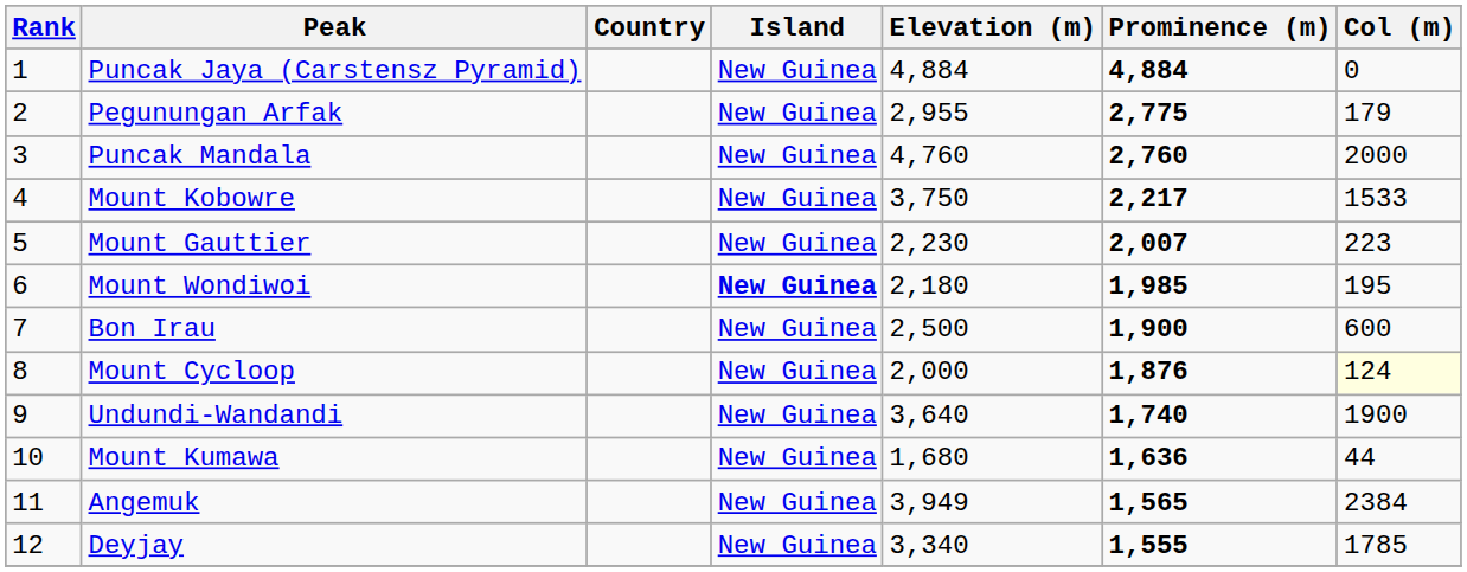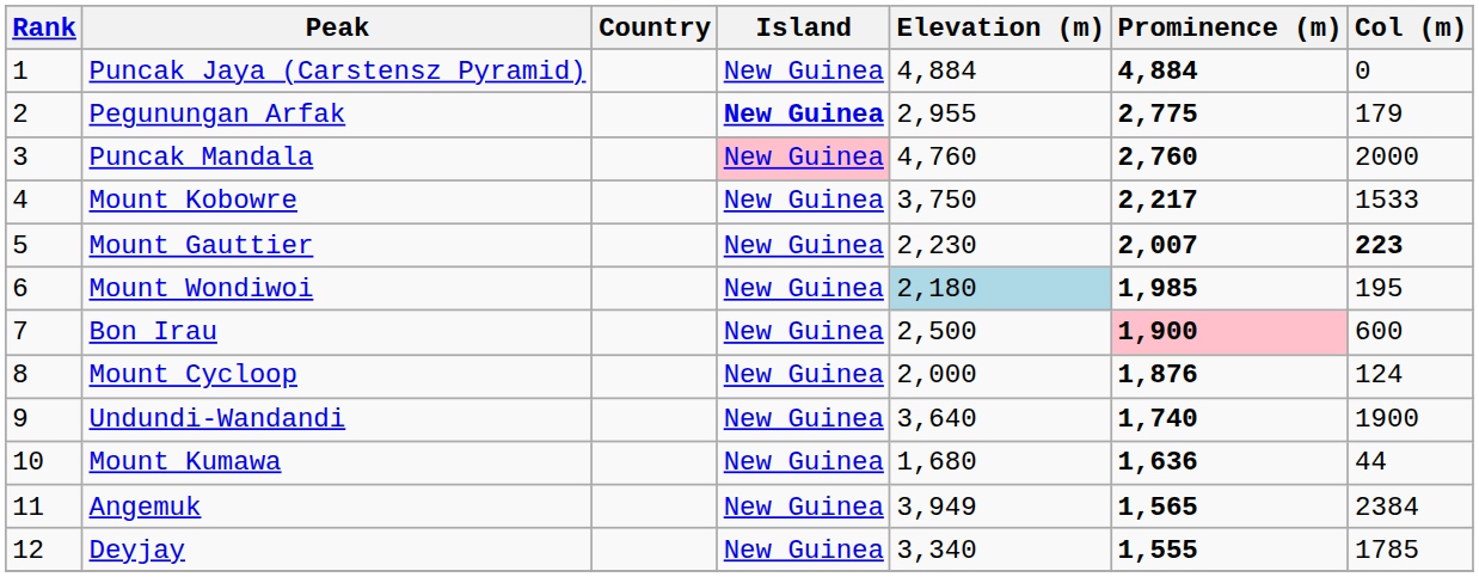 <table class="wikitable sortable">
 <tr>
 <th><a href='#'>Rank</a></th>
 <th>Peak</th>
 <th>Country</th>
 <th>Island</th>
 <th>Elevation (m)</th>
 <th>Prominence (m)</th>
 <th>Col (m)</th>
 </tr>
 <tr>
 <td>1</td>
 <td><a href='#'>Puncak Jaya (Carstensz Pyramid)</a></td>
 <td></td>
 <td><a href='#'>New Guinea</a></td>
 <td>4,884</td>
 <td><strong>4,884</strong></td>
 <td>0</td>
 </tr>
 <tr>
 <td>2</td>
 <td><a href='#'>Pegunungan Arfak</a></td>
 <td></td>
-<td><a href='#'>New Guinea</a></td>
+<td><strong><a href='#'>New Guinea</a></strong></td>
 <td>2,955</td>
 <td><strong>2,775</strong></td>
 <td>179</td>
 </tr>
 <tr>
 <td>3</td>
 <td><a href='#'>Puncak Mandala</a></td>
 <td></td>
-<td><a href='#'>New Guinea</a></td>
+<td style="background: pink;"><a href='#'>New Guinea</a></td>
 <td>4,760</td>
 <td><strong>2,760</strong></td>
 <td>2000</td>
 </tr>
 <tr>
 <td>4</td>
 <td><a href='#'>Mount Kobowre</a></td>
 <td></td>
 <td><a href='#'>New Guinea</a></td>
 <td>3,750</td>
 <td><strong>2,217</strong></td>
 <td>1533</td>
 </tr>
 <tr>
 <td>5</td>
 <td><a href='#'>Mount Gauttier</a></td>
 <td></td>
 <td><a href='#'>New Guinea</a></td>
 <td>2,230</td>
 <td><strong>2,007</strong></td>
-<td>223</td>
+<td><strong>223</strong></td>
 </tr>
 <tr>
 <td>6</td>
 <td><a href='#'>Mount Wondiwoi</a></td>
 <td></td>
-<td><strong><a href='#'>New Guinea</a></strong></td>
-<td>2,180</td>
+<td><a href='#'>New Guinea</a></td>
+<td style="background: lightblue;">2,180</td>
 <td><strong>1,985</strong></td>
 <td>195</td>
 </tr>
 <tr>
 <td>7</td>
 <td><a href='#'>Bon Irau</a></td>
 <td></td>
 <td><a href='#'>New Guinea</a></td>
 <td>2,500</td>
-<td><strong>1,900</strong></td>
+<td style="background: pink;"><strong>1,900</strong></td>
 <td>600</td>
 </tr>
 <tr>
 <td>8</td>
 <td><a href='#'>Mount Cycloop</a></td>
 <td></td>
 <td><a href='#'>New Guinea</a></td>
 <td>2,000</td>
 <td><strong>1,876</strong></td>
-<td style="background: lightyellow;">124</td>
+<td>124</td>
 </tr>
 <tr>
 <td>9</td>
 <td><a href='#'>Undundi-Wandandi</a></td>
 <td></td>
 <td><a href='#'>New Guinea</a></td>
 <td>3,640</td>
 <td><strong>1,740</strong></td>
 <td>1900</td>
 </tr>
 <tr>
 <td>10</td>
 <td><a href='#'>Mount Kumawa</a></td>
 <td></td>
 <td><a href='#'>New Guinea</a></td>
 <td>1,680</td>
 <td><strong>1,636</strong></td>
 <td>44</td>
 </tr>
 <tr>
 <td>11</td>
 <td><a href='#'>Angemuk</a></td>
 <td></td>
 <td><a href='#'>New Guinea</a></td>
 <td>3,949</td>
 <td><strong>1,565</strong></td>
 <td>2384</td>
 </tr>
 <tr>
 <td>12</td>
 <td><a href='#'>Deyjay</a></td>
 <td></td>
 <td><a href='#'>New Guinea</a></td>
 <td>3,340</td>
 <td><strong>1,555</strong></td>
 <td>1785</td>
 </tr>
 <tr>
 </tr>
 </table>
